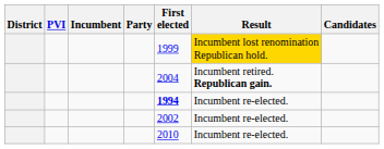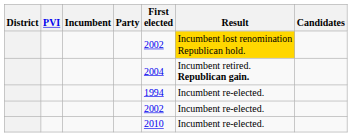 <table class="wikitable sortable">
 <tr valign=bottom>
 <th>District</th>
 <th><a href='#'>PVI</a></th>
 <th>Incumbent</th>
 <th>Party</th>
 <th>First<br>elected</th>
 <th>Result</th>
 <th>Candidates</th>
 </tr>
 <tr>
 <th></th>
 <td></td>
 <td></td>
 <td></td>
-<td><a href='#'>1999</a></td>
+<td><a href='#'>2002</a></td>
 <td style="background: gold;">Incumbent lost renomination<br>Republican hold.</td>
 <td nowrap></td>
 </tr>
 <tr>
 <th></th>
 <td></td>
 <td></td>
 <td></td>
 <td><a href='#'>2004</a></td>
 <td>Incumbent retired.<br><strong>Republican gain.</strong></td>
 <td nowrap></td>
 </tr>
 <tr>
 <th></th>
 <td></td>
 <td></td>
 <td></td>
-<td><strong><a href='#'>1994</a></strong></td>
+<td><a href='#'>1994</a></td>
 <td>Incumbent re-elected.</td>
 <td nowrap></td>
 </tr>
 <tr>
 <th></th>
 <td></td>
 <td></td>
 <td></td>
 <td><a href='#'>2002</a></td>
 <td>Incumbent re-elected.</td>
 <td nowrap></td>
 </tr>
 <tr>
 <th></th>
 <td></td>
 <td></td>
 <td></td>
 <td><a href='#'>2010</a></td>
 <td>Incumbent re-elected.</td>
 <td nowrap></td>
 </tr>
 </table>
